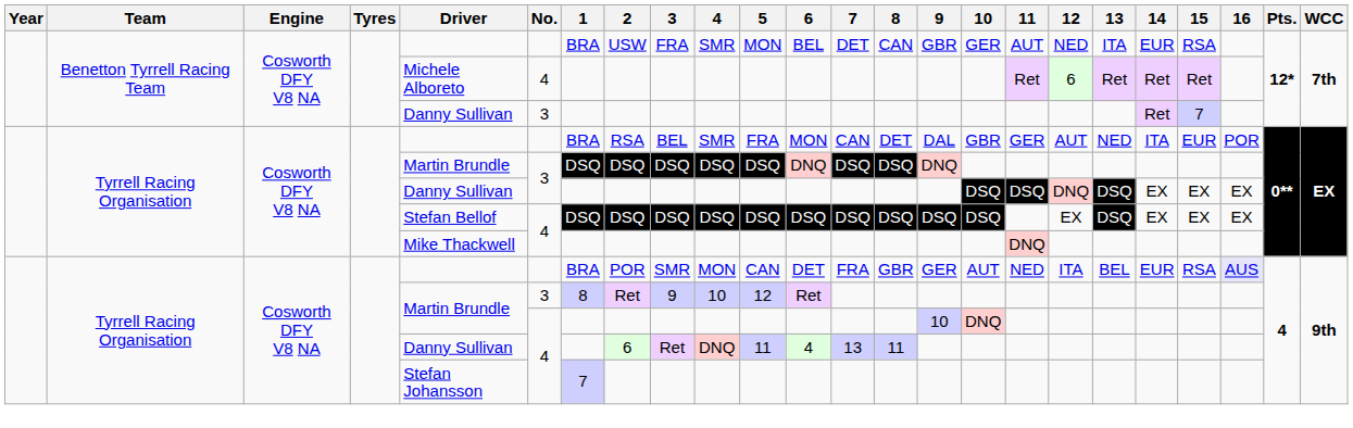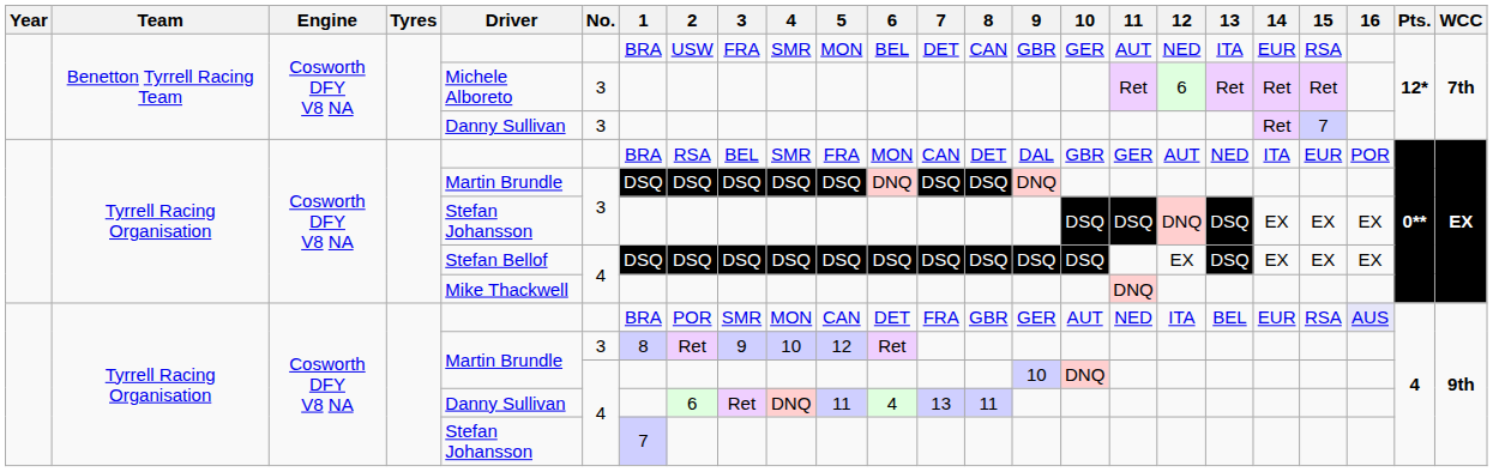 <table class="wikitable" style="text-align:center; font-size:95%">
 <tr>
 <th>Year</th>
 <th>Team</th>
 <th>Engine</th>
 <th>Tyres</th>
 <th>Driver</th>
 <th>No.</th>
 <th>1</th>
 <th>2</th>
 <th>3</th>
 <th>4</th>
 <th>5</th>
 <th>6</th>
 <th>7</th>
 <th>8</th>
 <th>9</th>
 <th>10</th>
 <th>11</th>
 <th>12</th>
 <th>13</th>
 <th>14</th>
 <th>15</th>
 <th>16</th>
 <th>Pts.</th>
 <th>WCC</th>
 </tr>
 <tr>
 <td rowspan="3"></td>
 <td rowspan="3"><a href='#'>Benetton</a> <a href='#'>Tyrrell Racing Team</a></td>
 <td rowspan="3"><a href='#'>Cosworth DFY</a><br><a href='#'>V8</a> <a href='#'>NA</a></td>
 <td rowspan="3"></td>
 <td></td>
 <td></td>
 <td><a href='#'>BRA</a></td>
 <td><a href='#'>USW</a></td>
 <td><a href='#'>FRA</a></td>
 <td><a href='#'>SMR</a></td>
 <td><a href='#'>MON</a></td>
 <td><a href='#'>BEL</a></td>
 <td><a href='#'>DET</a></td>
 <td><a href='#'>CAN</a></td>
 <td><a href='#'>GBR</a></td>
 <td><a href='#'>GER</a></td>
 <td><a href='#'>AUT</a></td>
 <td><a href='#'>NED</a></td>
 <td><a href='#'>ITA</a></td>
 <td><a href='#'>EUR</a></td>
 <td><a href='#'>RSA</a></td>
 <td></td>
 <td rowspan="3"><strong>12*</strong></td>
 <td rowspan="3"><strong>7th</strong></td>
 </tr>
 <tr>
 <td align="left"><a href='#'>Michele Alboreto</a></td>
-<td>4</td>
+<td>3</td>
 <td></td>
 <td></td>
 <td></td>
 <td></td>
 <td></td>
 <td></td>
 <td></td>
 <td></td>
 <td></td>
 <td></td>
 <td style="background:#efcfff;">Ret</td>
 <td style="background:#dfffdf;">6</td>
 <td style="background:#efcfff;">Ret</td>
 <td style="background:#efcfff;">Ret</td>
 <td style="background:#efcfff;">Ret</td>
 <td></td>
 </tr>
 <tr>
 <td align="left"><a href='#'>Danny Sullivan</a></td>
 <td>3</td>
 <td></td>
 <td></td>
 <td></td>
 <td></td>
 <td></td>
 <td></td>
 <td></td>
 <td></td>
 <td></td>
 <td></td>
 <td></td>
 <td></td>
 <td></td>
 <td style="background:#efcfff;">Ret</td>
 <td style="background:#cfcfff;">7</td>
 <td></td>
 </tr>
 <tr>
 <td rowspan="5"></td>
 <td rowspan="5"><a href='#'>Tyrrell Racing Organisation</a></td>
 <td rowspan="5"><a href='#'>Cosworth DFY</a><br><a href='#'>V8</a> <a href='#'>NA</a></td>
 <td rowspan="5"></td>
 <td></td>
 <td></td>
 <td><a href='#'>BRA</a></td>
 <td><a href='#'>RSA</a></td>
 <td><a href='#'>BEL</a></td>
 <td><a href='#'>SMR</a></td>
 <td><a href='#'>FRA</a></td>
 <td><a href='#'>MON</a></td>
 <td><a href='#'>CAN</a></td>
 <td><a href='#'>DET</a></td>
 <td><a href='#'>DAL</a></td>
 <td><a href='#'>GBR</a></td>
 <td><a href='#'>GER</a></td>
 <td><a href='#'>AUT</a></td>
 <td><a href='#'>NED</a></td>
 <td><a href='#'>ITA</a></td>
 <td><a href='#'>EUR</a></td>
 <td><a href='#'>POR</a></td>
 <td style="background:#000; color:white;" rowspan="5"><strong>0**</strong></td>
 <td style="background:#000; color:white;" rowspan="5"><strong>EX</strong></td>
 </tr>
 <tr>
 <td align="left"><a href='#'>Martin Brundle</a></td>
 <td rowspan="2">3</td>
 <td style="background:#000; color:white;">DSQ</td>
 <td style="background:#000; color:white;">DSQ</td>
 <td style="background:#000; color:white;">DSQ</td>
 <td style="background:#000; color:white;">DSQ</td>
 <td style="background:#000; color:white;">DSQ</td>
 <td style="background:#ffcfcf;">DNQ</td>
 <td style="background:#000; color:white;">DSQ</td>
 <td style="background:#000; color:white;">DSQ</td>
 <td style="background:#ffcfcf;">DNQ</td>
 <td></td>
 <td></td>
 <td></td>
 <td></td>
 <td></td>
 <td></td>
 <td></td>
 </tr>
 <tr>
-<td align="left"><a href='#'>Danny Sullivan</a></td>
+<td align="left"><a href='#'>Stefan Johansson</a></td>
 <td></td>
 <td></td>
 <td></td>
 <td></td>
 <td></td>
 <td></td>
 <td></td>
 <td></td>
 <td></td>
 <td style="background:#000; color:white;">DSQ</td>
 <td style="background:#000; color:white;">DSQ</td>
 <td style="background:#ffcfcf;">DNQ</td>
 <td style="background:#000; color:white;">DSQ</td>
 <td>EX</td>
 <td>EX</td>
 <td>EX</td>
 </tr>
 <tr>
 <td align="left"><a href='#'>Stefan Bellof</a></td>
 <td rowspan="2">4</td>
 <td style="background:#000; color:white;">DSQ</td>
 <td style="background:#000; color:white;">DSQ</td>
 <td style="background:#000; color:white;">DSQ</td>
 <td style="background:#000; color:white;">DSQ</td>
 <td style="background:#000; color:white;">DSQ</td>
 <td style="background:#000; color:white;">DSQ</td>
 <td style="background:#000; color:white;">DSQ</td>
 <td style="background:#000; color:white;">DSQ</td>
 <td style="background:#000; color:white;">DSQ</td>
 <td style="background:#000; color:white;">DSQ</td>
 <td></td>
 <td>EX</td>
 <td style="background:#000; color:white;">DSQ</td>
 <td>EX</td>
 <td>EX</td>
 <td>EX</td>
 </tr>
 <tr>
 <td align="left"><a href='#'>Mike Thackwell</a></td>
 <td></td>
 <td></td>
 <td></td>
 <td></td>
 <td></td>
 <td></td>
 <td></td>
 <td></td>
 <td></td>
 <td></td>
 <td style="background:#ffcfcf;">DNQ</td>
 <td></td>
 <td></td>
 <td></td>
 <td></td>
 <td></td>
 </tr>
 <tr>
 <td rowspan="5"></td>
 <td rowspan="5"><a href='#'>Tyrrell Racing Organisation</a></td>
 <td rowspan="5"><a href='#'>Cosworth DFY</a><br><a href='#'>V8</a> <a href='#'>NA</a></td>
 <td rowspan="5"></td>
 <td></td>
 <td></td>
 <td><a href='#'>BRA</a></td>
 <td><a href='#'>POR</a></td>
 <td><a href='#'>SMR</a></td>
 <td><a href='#'>MON</a></td>
 <td><a href='#'>CAN</a></td>
 <td><a href='#'>DET</a></td>
 <td><a href='#'>FRA</a></td>
 <td><a href='#'>GBR</a></td>
 <td><a href='#'>GER</a></td>
 <td><a href='#'>AUT</a></td>
 <td><a href='#'>NED</a></td>
 <td><a href='#'>ITA</a></td>
 <td><a href='#'>BEL</a></td>
 <td><a href='#'>EUR</a></td>
 <td><a href='#'>RSA</a></td>
 <td style="background: lavender;"><a href='#'>AUS</a></td>
 <td rowspan="5"><strong>4</strong></td>
 <td rowspan="5"><strong>9th</strong></td>
 </tr>
 <tr>
 <td rowspan="2" align="left"><a href='#'>Martin Brundle</a></td>
 <td>3</td>
 <td style="background:#cfcfff;">8</td>
 <td style="background:#efcfff;">Ret</td>
 <td style="background:#cfcfff;">9</td>
 <td style="background:#cfcfff;">10</td>
 <td style="background:#cfcfff;">12</td>
 <td style="background:#efcfff;">Ret</td>
 <td></td>
 <td></td>
 <td></td>
 <td></td>
 <td></td>
 <td></td>
 <td></td>
 <td></td>
 <td></td>
 <td></td>
 </tr>
 <tr>
 <td rowspan="3">4</td>
 <td></td>
 <td></td>
 <td></td>
 <td></td>
 <td></td>
 <td></td>
 <td></td>
 <td></td>
 <td style="background:#cfcfff;">10</td>
 <td style="background:#ffcfcf;">DNQ</td>
 <td></td>
 <td></td>
 <td></td>
 <td></td>
 <td></td>
 <td></td>
 </tr>
 <tr>
 <td align="left"><a href='#'>Danny Sullivan</a></td>
 <td></td>
 <td style="background:#dfffdf;">6</td>
 <td style="background:#efcfff;">Ret</td>
 <td style="background:#ffcfcf;">DNQ</td>
 <td style="background:#cfcfff;">11</td>
 <td style="background:#dfffdf;">4</td>
 <td style="background:#cfcfff;">13</td>
 <td style="background:#cfcfff;">11</td>
 <td></td>
 <td></td>
 <td></td>
 <td></td>
 <td></td>
 <td></td>
 <td></td>
 <td></td>
 </tr>
 <tr>
 <td align="left"><a href='#'>Stefan Johansson</a></td>
 <td style="background:#cfcfff;">7</td>
 <td></td>
 <td></td>
 <td></td>
 <td></td>
 <td></td>
 <td></td>
 <td></td>
 <td></td>
 <td></td>
 <td></td>
 <td></td>
 <td></td>
 <td></td>
 <td></td>
 <td></td>
 </tr>
 </table>
